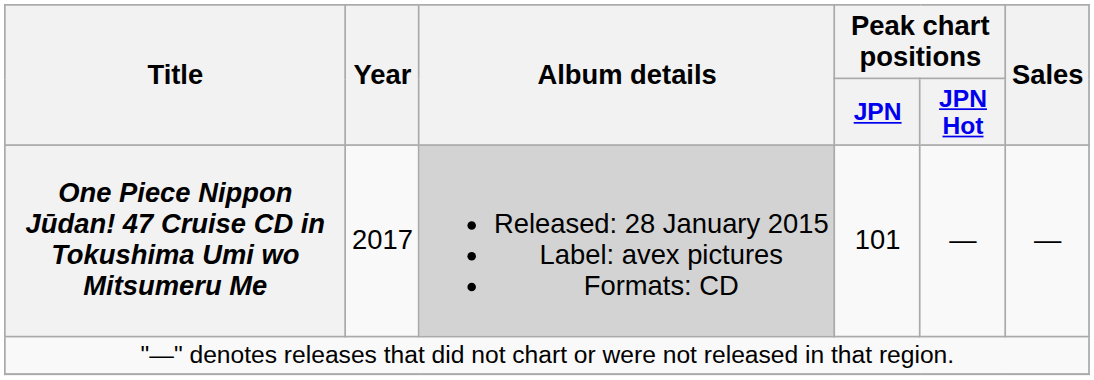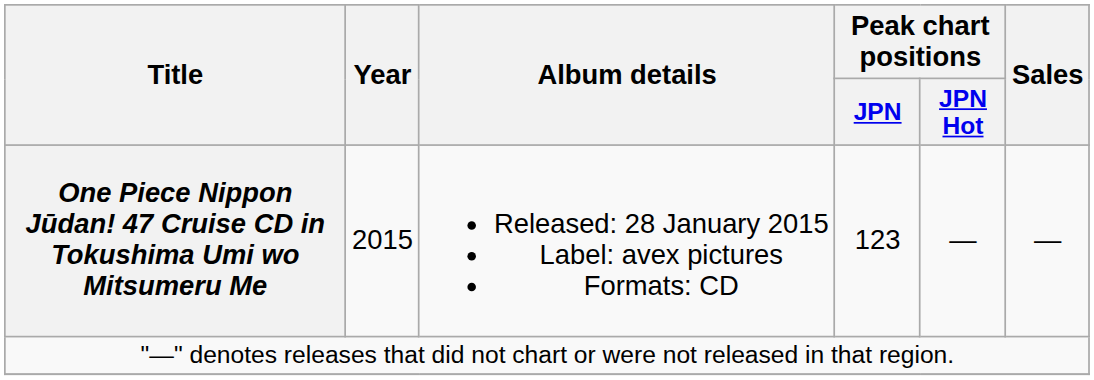 <table class="wikitable plainrowheaders" style="text-align:center;">
 <tr>
 <th scope="col" rowspan="2" style="width:12em;">Title</th>
 <th scope="col" rowspan="2">Year</th>
 <th scope="col" rowspan="2">Album details</th>
 <th scope="col" colspan="2">Peak chart positions</th>
 <th scope="col" rowspan="2">Sales</th>
 </tr>
 <tr>
 <th scope="col" style="width:3em;font-size:90%;"><a href='#'>JPN</a></th>
 <th scope="col" style="width:3em;font-size:90%;"><a href='#'>JPN<br>Hot</a></th>
 </tr>
 <tr>
 <th scope="row"><em>One Piece Nippon Jūdan! 47 Cruise CD in Tokushima Umi wo Mitsumeru Me</em></th>
-<td>2017</td>
-<td style="background: lightgrey;"><br><ul><li>Released: 28 January 2015</li><li>Label: avex pictures</li><li>Formats: CD</li></ul></td>
-<td>101</td>
+<td>2015</td>
+<td><br><ul><li>Released: 28 January 2015</li><li>Label: avex pictures</li><li>Formats: CD</li></ul></td>
+<td>123</td>
 <td>—</td>
 <td>—</td>
 </tr>
 <tr>
 <td colspan="6" style="font-size:90%;">"—" denotes releases that did not chart or were not released in that region.</td>
 </tr>
 <tr>
 </tr>
 </table>
